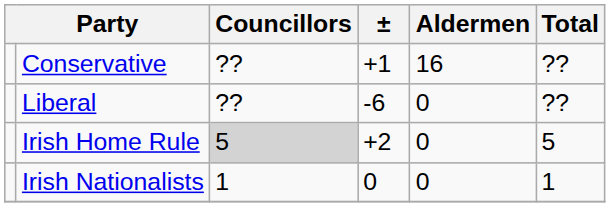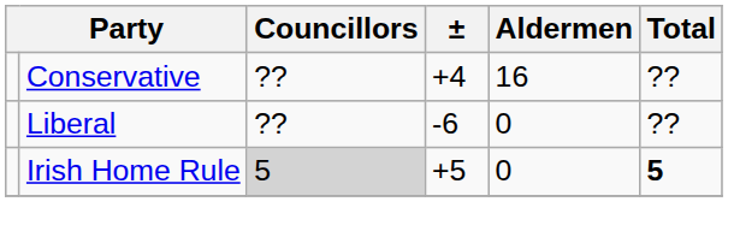 <table class="wikitable">
 <tr>
 <th colspan="2">Party</th>
 <th>Councillors</th>
 <th>  ±  </th>
 <th>Aldermen</th>
 <th>Total</th>
 </tr>
 <tr>
 <td style="background-color: "></td>
 <td><a href='#'>Conservative</a></td>
 <td>??</td>
-<td>+1</td>
+<td>+4</td>
 <td>16</td>
 <td>??</td>
 </tr>
 <tr>
 <td style="background-color: "></td>
 <td><a href='#'>Liberal</a></td>
 <td>??</td>
 <td>-6</td>
 <td>0</td>
 <td>??</td>
 </tr>
 <tr>
 <td style="background-color: "></td>
 <td><a href='#'>Irish Home Rule</a></td>
 <td style="background: lightgrey;">5</td>
-<td>+2</td>
+<td>+5</td>
 <td>0</td>
-<td>5</td>
-</tr>
-<tr>
-<td style="background-color: "></td>
-<td><a href='#'>Irish Nationalists</a></td>
-<td>1</td>
-<td>0</td>
-<td>0</td>
-<td>1</td>
+<td><strong>5</strong></td>
 </tr>
 <tr>
 </tr>
 </table>
